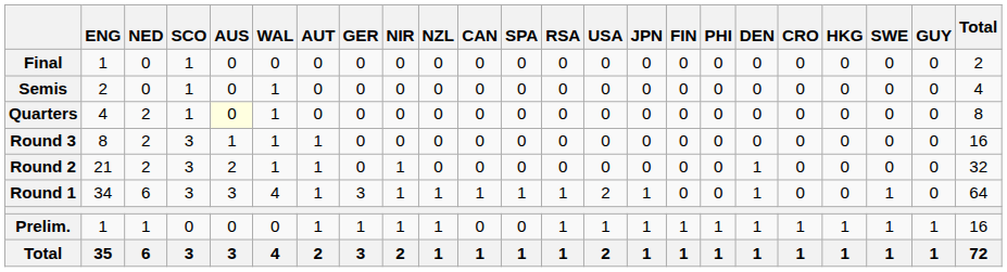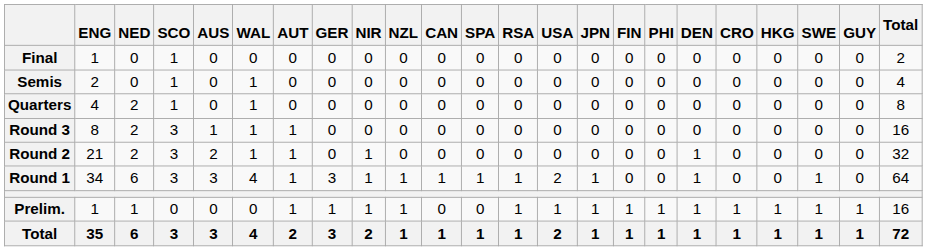 <table class="wikitable">
 <tr>
 <th></th>
 <th> <br>ENG</th>
 <th> <br>NED</th>
 <th> <br>SCO</th>
 <th> <br>AUS</th>
 <th> <br>WAL</th>
 <th> <br>AUT</th>
 <th> <br>GER</th>
 <th> <br>NIR</th>
 <th> <br>NZL</th>
 <th> <br>CAN</th>
 <th> <br>SPA</th>
 <th> <br>RSA</th>
 <th> <br>USA</th>
 <th> <br>JPN</th>
 <th> <br>FIN</th>
 <th> <br>PHI</th>
 <th> <br>DEN</th>
 <th> <br>CRO</th>
 <th> <br>HKG</th>
 <th> <br>SWE</th>
 <th> <br>GUY</th>
 <th>Total</th>
 </tr>
 <tr align="center">
 <th>Final</th>
 <td>1</td>
 <td>0</td>
 <td>1</td>
 <td>0</td>
 <td>0</td>
 <td>0</td>
 <td>0</td>
 <td>0</td>
 <td>0</td>
 <td>0</td>
 <td>0</td>
 <td>0</td>
 <td>0</td>
 <td>0</td>
 <td>0</td>
 <td>0</td>
 <td>0</td>
 <td>0</td>
 <td>0</td>
 <td>0</td>
 <td>0</td>
 <td>2</td>
 </tr>
 <tr align="center">
 <th>Semis</th>
 <td>2</td>
 <td>0</td>
 <td>1</td>
 <td>0</td>
 <td>1</td>
 <td>0</td>
 <td>0</td>
 <td>0</td>
 <td>0</td>
 <td>0</td>
 <td>0</td>
 <td>0</td>
 <td>0</td>
 <td>0</td>
 <td>0</td>
 <td>0</td>
 <td>0</td>
 <td>0</td>
 <td>0</td>
 <td>0</td>
 <td>0</td>
 <td>4</td>
 </tr>
 <tr align="center">
 <th>Quarters</th>
 <td>4</td>
 <td>2</td>
 <td>1</td>
-<td style="background: lightyellow;">0</td>
+<td>0</td>
 <td>1</td>
 <td>0</td>
 <td>0</td>
 <td>0</td>
 <td>0</td>
 <td>0</td>
 <td>0</td>
 <td>0</td>
 <td>0</td>
 <td>0</td>
 <td>0</td>
 <td>0</td>
 <td>0</td>
 <td>0</td>
 <td>0</td>
 <td>0</td>
 <td>0</td>
 <td>8</td>
 </tr>
 <tr align="center">
 <th>Round 3</th>
 <td>8</td>
 <td>2</td>
 <td>3</td>
 <td>1</td>
 <td>1</td>
 <td>1</td>
 <td>0</td>
 <td>0</td>
 <td>0</td>
 <td>0</td>
 <td>0</td>
 <td>0</td>
 <td>0</td>
 <td>0</td>
 <td>0</td>
 <td>0</td>
 <td>0</td>
 <td>0</td>
 <td>0</td>
 <td>0</td>
 <td>0</td>
 <td>16</td>
 </tr>
 <tr align="center">
 <th>Round 2</th>
 <td>21</td>
 <td>2</td>
 <td>3</td>
 <td>2</td>
 <td>1</td>
 <td>1</td>
 <td>0</td>
 <td>1</td>
 <td>0</td>
 <td>0</td>
 <td>0</td>
 <td>0</td>
 <td>0</td>
 <td>0</td>
 <td>0</td>
 <td>0</td>
 <td>1</td>
 <td>0</td>
 <td>0</td>
 <td>0</td>
 <td>0</td>
 <td>32</td>
 </tr>
 <tr align="center">
 <th>Round 1</th>
 <td>34</td>
 <td>6</td>
 <td>3</td>
 <td>3</td>
 <td>4</td>
 <td>1</td>
 <td>3</td>
 <td>1</td>
 <td>1</td>
 <td>1</td>
 <td>1</td>
 <td>1</td>
 <td>2</td>
 <td>1</td>
 <td>0</td>
 <td>0</td>
 <td>1</td>
 <td>0</td>
 <td>0</td>
 <td>1</td>
 <td>0</td>
 <td>64</td>
 </tr>
 <tr align="center">
 <th colspan=26></th>
 </tr>
 <tr align="center">
 <th>Prelim.</th>
 <td>1</td>
 <td>1</td>
 <td>0</td>
 <td>0</td>
 <td>0</td>
 <td>1</td>
 <td>1</td>
 <td>1</td>
 <td>1</td>
 <td>0</td>
 <td>0</td>
 <td>1</td>
 <td>1</td>
 <td>1</td>
 <td>1</td>
 <td>1</td>
 <td>1</td>
 <td>1</td>
 <td>1</td>
 <td>1</td>
 <td>1</td>
 <td>16</td>
 </tr>
 <tr>
 <th>Total</th>
 <th>35</th>
 <th>6</th>
 <th>3</th>
 <th>3</th>
 <th>4</th>
 <th>2</th>
 <th>3</th>
 <th>2</th>
 <th>1</th>
 <th>1</th>
 <th>1</th>
 <th>1</th>
 <th>2</th>
 <th>1</th>
 <th>1</th>
 <th>1</th>
 <th>1</th>
 <th>1</th>
 <th>1</th>
 <th>1</th>
 <th>1</th>
 <th>72</th>
 </tr>
 </table>
